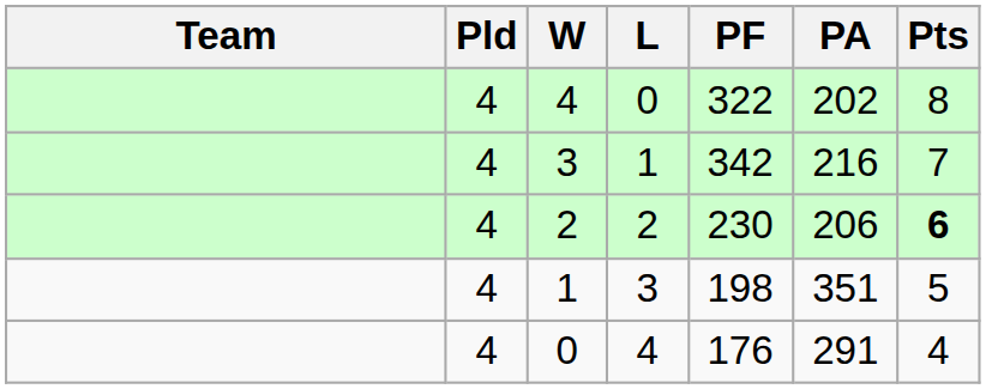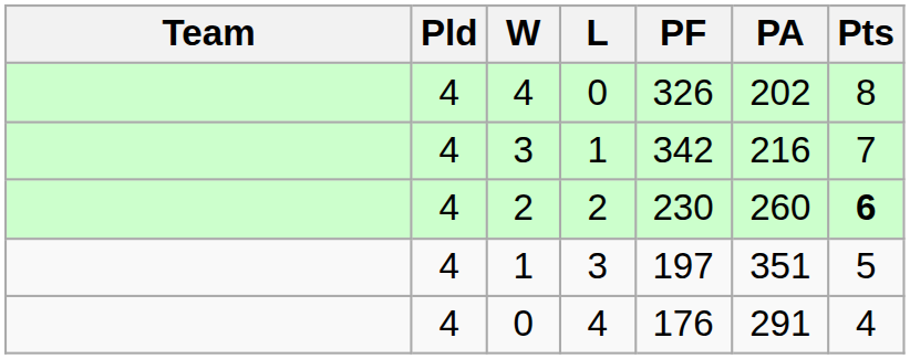 <table class="wikitable" style="text-align:center;">
 <tr>
 <th width=170>Team</th>
 <th width=25>Pld</th>
 <th width=25>W</th>
 <th width=25>L</th>
 <th width=35>PF</th>
 <th width=35>PA</th>
 <th width=25>Pts</th>
 </tr>
 <tr bgcolor=#ccffcc>
 <td align="left"></td>
 <td>4</td>
 <td>4</td>
 <td>0</td>
-<td>322</td>
+<td>326</td>
 <td>202</td>
 <td>8</td>
 </tr>
 <tr bgcolor=#ccffcc>
 <td align="left"><em></em></td>
 <td>4</td>
 <td>3</td>
 <td>1</td>
 <td>342</td>
 <td>216</td>
 <td>7</td>
 </tr>
 <tr bgcolor=#ccffcc>
 <td align="left"></td>
 <td>4</td>
 <td>2</td>
 <td>2</td>
 <td>230</td>
-<td>206</td>
+<td>260</td>
 <td><strong>6</strong></td>
 </tr>
 <tr bgcolor=>
 <td align="left"></td>
 <td>4</td>
 <td>1</td>
 <td>3</td>
-<td>198</td>
+<td>197</td>
 <td>351</td>
 <td>5</td>
 </tr>
 <tr bgcolor=>
 <td align="left"></td>
 <td>4</td>
 <td>0</td>
 <td>4</td>
 <td>176</td>
 <td>291</td>
 <td>4</td>
 </tr>
 </table>
